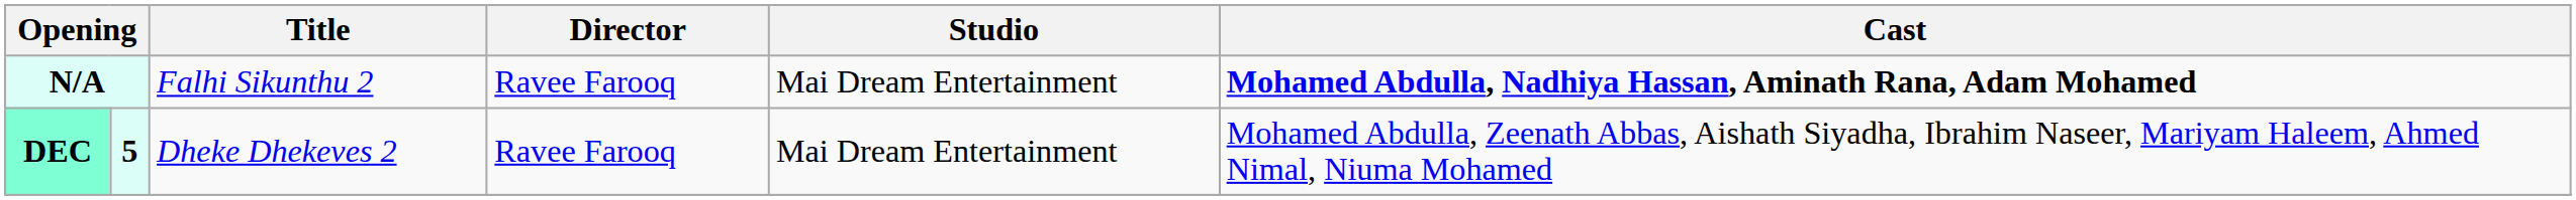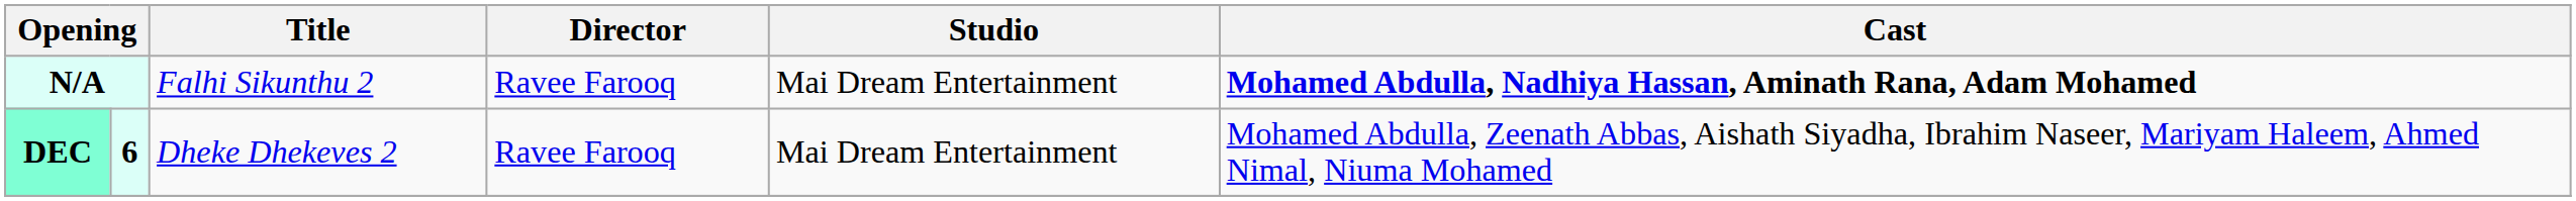 <table class="wikitable plainrowheaders" width="100%">
 <tr>
 <th scope="col" colspan="2" width="4%">Opening</th>
 <th scope="col" width="12%">Title</th>
 <th scope="col" width="10%">Director</th>
 <th scope="col" width="16%">Studio</th>
 <th scope="col" width="48%">Cast</th>
 </tr>
 <tr>
 <td colspan="2" style="text-align:center; background:#dbfff8;"><strong>N/A</strong></td>
 <td><em><a href='#'>Falhi Sikunthu 2</a></em></td>
 <td><a href='#'>Ravee Farooq</a></td>
 <td>Mai Dream Entertainment</td>
 <td><strong><a href='#'>Mohamed Abdulla</a>, <a href='#'>Nadhiya Hassan</a>, Aminath Rana, Adam Mohamed</strong></td>
 </tr>
 <tr>
 <td style="text-align:center; background:#7FFFD4; textcolor:#000;"><strong>DEC</strong></td>
-<td style="text-align:center; background:#dbfff8;"><strong>5</strong></td>
+<td style="text-align:center; background:#dbfff8;"><strong>6</strong></td>
 <td><em><a href='#'>Dheke Dhekeves 2</a></em></td>
 <td><a href='#'>Ravee Farooq</a></td>
 <td>Mai Dream Entertainment</td>
 <td><a href='#'>Mohamed Abdulla</a>, <a href='#'>Zeenath Abbas</a>, Aishath Siyadha, Ibrahim Naseer, <a href='#'>Mariyam Haleem</a>, <a href='#'>Ahmed Nimal</a>, <a href='#'>Niuma Mohamed</a></td>
 </tr>
 <tr>
 </tr>
 </table>
